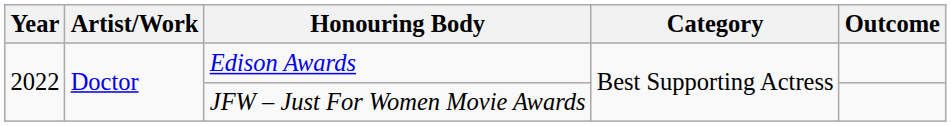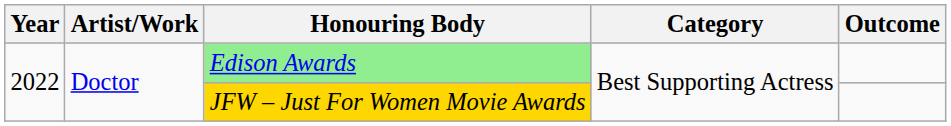 <table class="wikitable">
 <tr>
 <th>Year</th>
 <th>Artist/Work</th>
 <th>Honouring Body</th>
 <th>Category</th>
 <th>Outcome</th>
 </tr>
 <tr>
 <td rowspan="2">2022</td>
 <td rowspan="2"><a href='#'>Doctor</a></td>
-<td><a href='#'><em>Edison Awards</em></a></td>
+<td style="background: lightgreen;"><a href='#'><em>Edison Awards</em></a></td>
 <td rowspan="2">Best Supporting Actress</td>
 <td></td>
 </tr>
 <tr>
-<td><em>JFW – Just For Women Movie Awards</em></td>
+<td style="background: gold;"><em>JFW – Just For Women Movie Awards</em></td>
 <td></td>
 </tr>
 </table>
